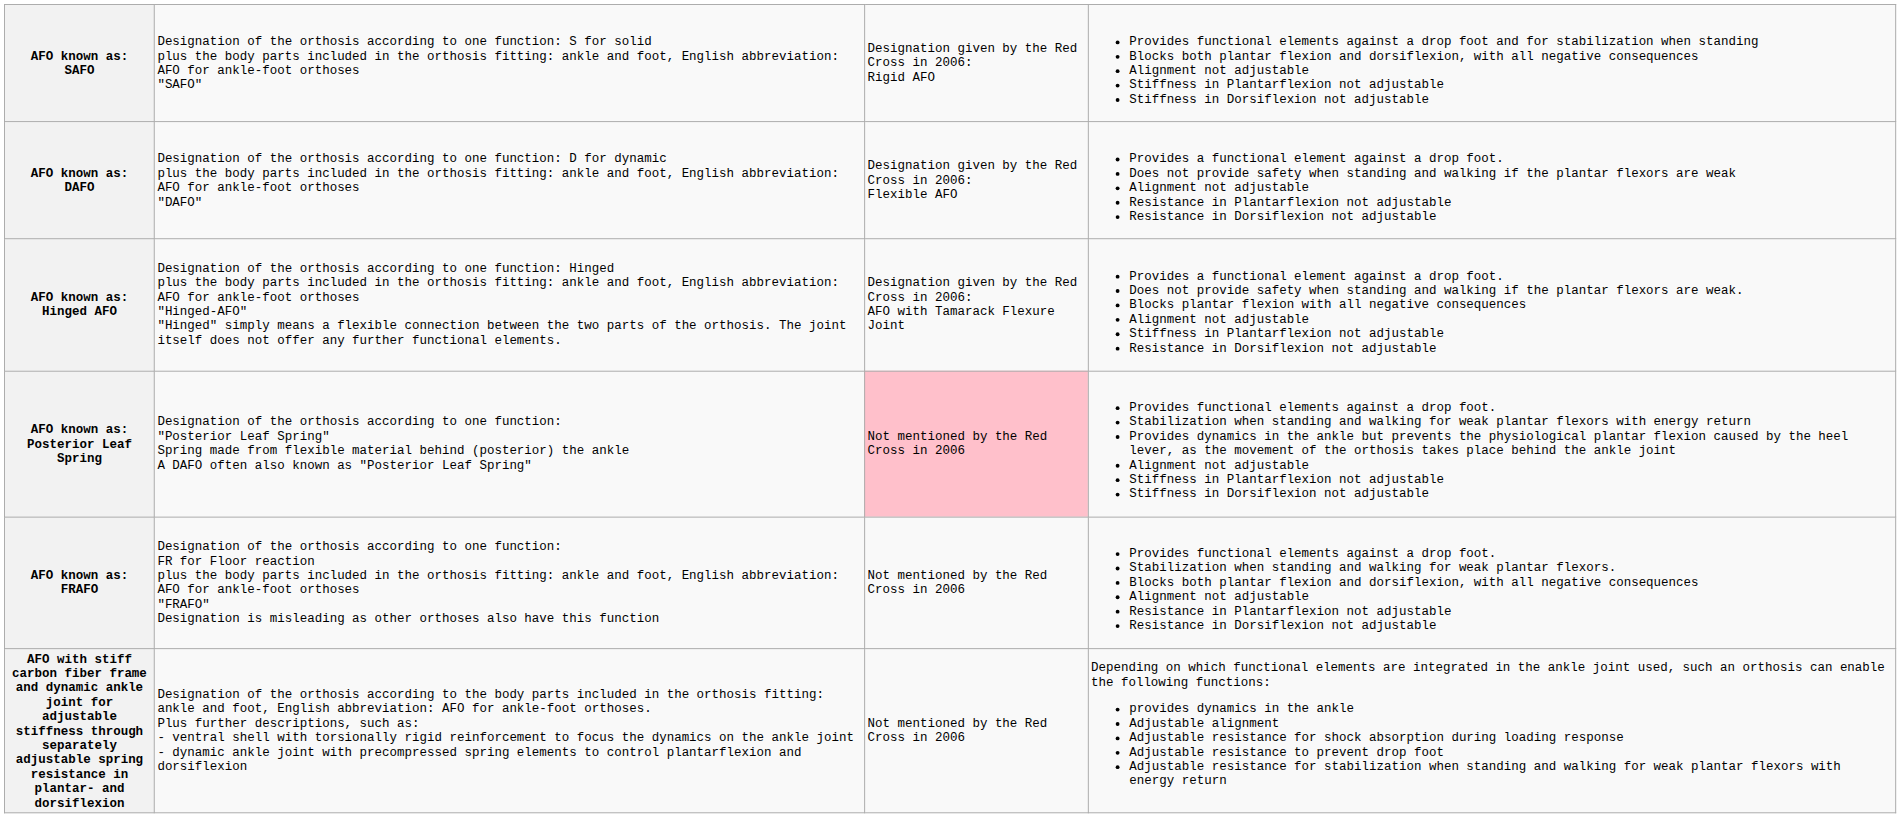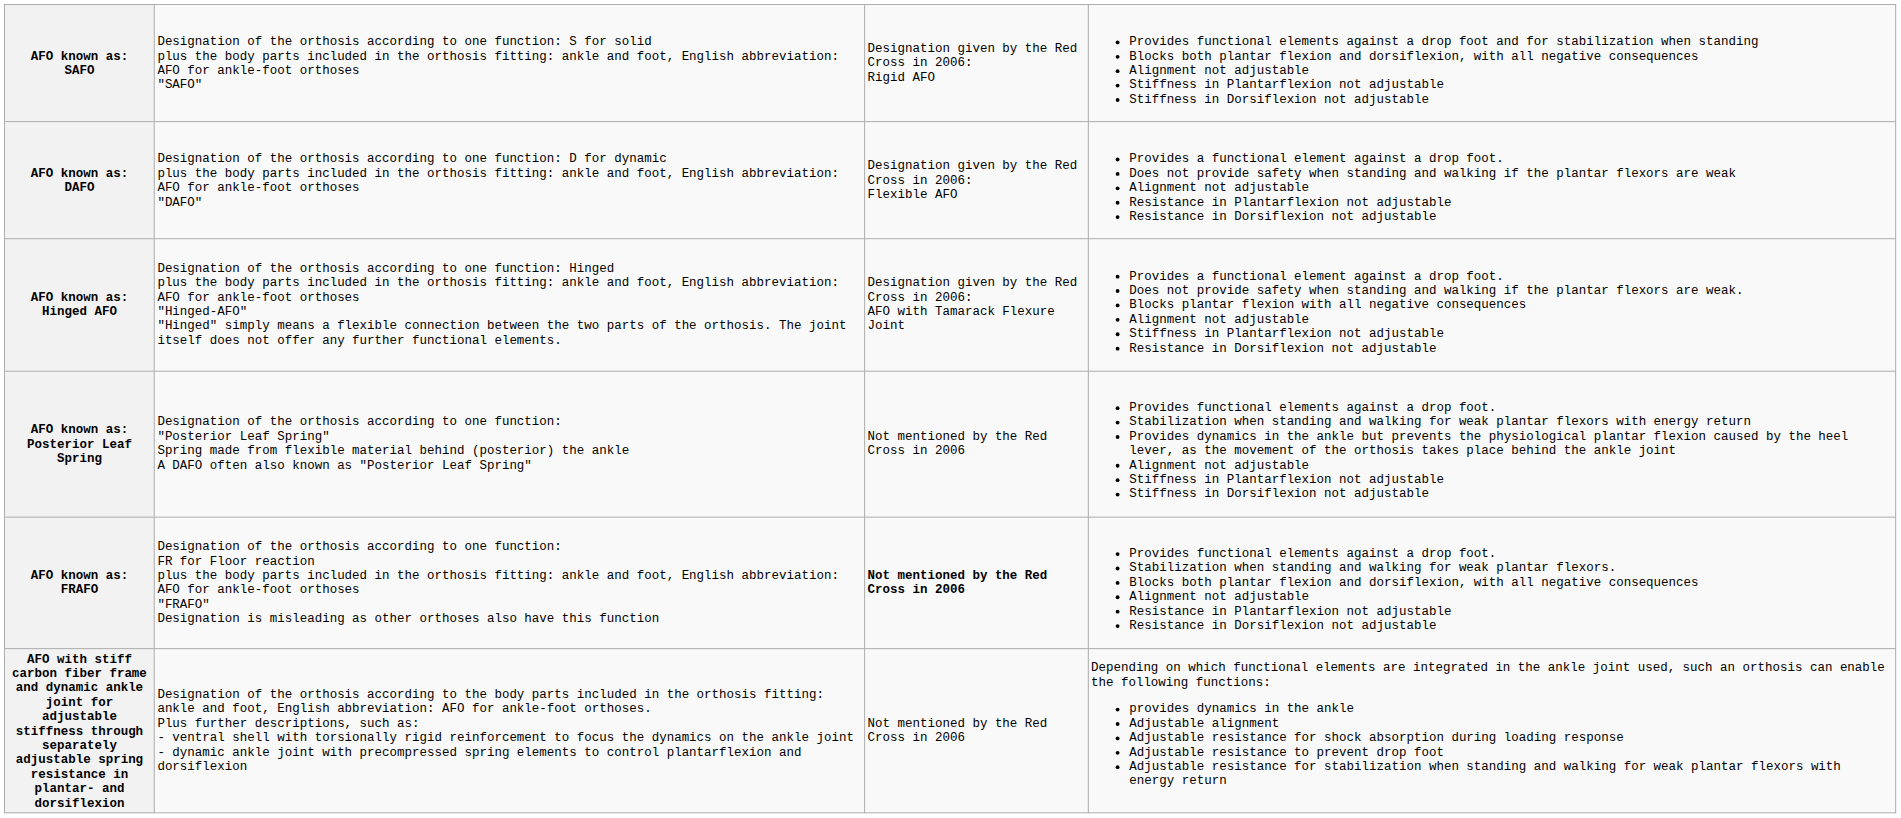 <table class="wikitable">
 <tr>
 <th style="width: 150px">AFO known as: <br> SAFO</th>
 <td>Designation of the orthosis according to one function: S for solid<br>plus the body parts included in the orthosis fitting: ankle and foot, English abbreviation: AFO for ankle-foot orthoses<br>"SAFO"</td>
 <td>Designation given by the Red Cross in 2006:<br>Rigid AFO</td>
 <td><br><ul><li>Provides functional elements against a drop foot and for stabilization when standing</li><li>Blocks both plantar flexion and dorsiflexion, with all negative consequences</li><li>Alignment not adjustable</li><li>Stiffness in Plantarflexion not adjustable</li><li>Stiffness in Dorsiflexion not adjustable</li></ul></td>
 </tr>
 <tr>
 <th> AFO known as: <br> DAFO</th>
 <td>Designation of the orthosis according to one function: D for dynamic<br>plus the body parts included in the orthosis fitting: ankle and foot, English abbreviation: AFO for ankle-foot orthoses<br>"DAFO"</td>
 <td>Designation given by the Red Cross in 2006:<br>Flexible AFO</td>
 <td><br><ul><li>Provides a functional element against a drop foot.</li><li>Does not provide safety when standing and walking if the plantar flexors are weak</li><li>Alignment not adjustable</li><li>Resistance in Plantarflexion not adjustable</li><li>Resistance in Dorsiflexion not adjustable</li></ul></td>
 </tr>
 <tr>
 <th> AFO known as: <br> Hinged AFO</th>
 <td>Designation of the orthosis according to one function: Hinged<br>plus the body parts included in the orthosis fitting: ankle and foot, English abbreviation: AFO for ankle-foot orthoses<br>"Hinged-AFO"<br>"Hinged" simply means a flexible connection between the two parts of the orthosis. The joint itself does not offer any further functional elements.</td>
 <td>Designation given by the Red Cross in 2006:<br>AFO with Tamarack Flexure Joint</td>
 <td><br><ul><li>Provides a functional element against a drop foot.</li><li>Does not provide safety when standing and walking if the plantar flexors are weak.</li><li>Blocks plantar flexion with all negative consequences</li><li>Alignment not adjustable</li><li>Stiffness in Plantarflexion not adjustable</li><li>Resistance in Dorsiflexion not adjustable</li></ul></td>
 </tr>
 <tr>
 <th> AFO known as: <br> Posterior Leaf Spring</th>
 <td>Designation of the orthosis according to one function:<br>"Posterior Leaf Spring"<br>Spring made from flexible material behind (posterior) the ankle<br>A DAFO often also known as "Posterior Leaf Spring"</td>
-<td style="background: pink;">Not mentioned by the Red Cross in 2006</td>
+<td>Not mentioned by the Red Cross in 2006</td>
 <td><br><ul><li>Provides functional elements against a drop foot.</li><li>Stabilization when standing and walking for weak plantar flexors with energy return</li><li>Provides dynamics in the ankle but prevents the physiological plantar flexion caused by the heel lever, as the movement of the orthosis takes place behind the ankle joint</li><li>Alignment not adjustable</li><li>Stiffness in Plantarflexion not adjustable</li><li>Stiffness in Dorsiflexion not adjustable</li></ul></td>
 </tr>
 <tr>
 <th> AFO known as: <br> FRAFO</th>
 <td>Designation of the orthosis according to one function:<br>FR for Floor reaction<br>plus the body parts included in the orthosis fitting: ankle and foot, English abbreviation: AFO for ankle-foot orthoses<br>"FRAFO"<br>Designation is misleading as other orthoses also have this function</td>
-<td>Not mentioned by the Red Cross in 2006</td>
+<td><strong>Not mentioned by the Red Cross in 2006</strong></td>
 <td><br><ul><li>Provides functional elements against a drop foot.</li><li>Stabilization when standing and walking for weak plantar flexors.</li><li>Blocks both plantar flexion and dorsiflexion, with all negative consequences</li><li>Alignment not adjustable</li><li>Resistance in Plantarflexion not adjustable</li><li>Resistance in Dorsiflexion not adjustable</li></ul></td>
 </tr>
 <tr>
 <th> AFO with stiff carbon fiber frame and dynamic ankle joint for adjustable stiffness through separately adjustable spring resistance in plantar- and dorsiflexion</th>
 <td>Designation of the orthosis according to the body parts included in the orthosis fitting: ankle and foot, English abbreviation: AFO for ankle-foot orthoses.<br>Plus further descriptions, such as: <br>- ventral shell with torsionally rigid reinforcement to focus the dynamics on the ankle joint <br>- dynamic ankle joint with precompressed spring elements to control plantarflexion and dorsiflexion</td>
 <td>Not mentioned by the Red Cross in 2006</td>
 <td>Depending on which functional elements are integrated in the ankle joint used, such an orthosis can enable the following functions:<br><ul><li>provides dynamics in the ankle</li><li>Adjustable alignment</li><li>Adjustable resistance for shock absorption during loading response</li><li>Adjustable resistance to prevent drop foot</li><li>Adjustable resistance for stabilization when standing and walking for weak plantar flexors with energy return</li></ul></td>
 </tr>
 </table>
